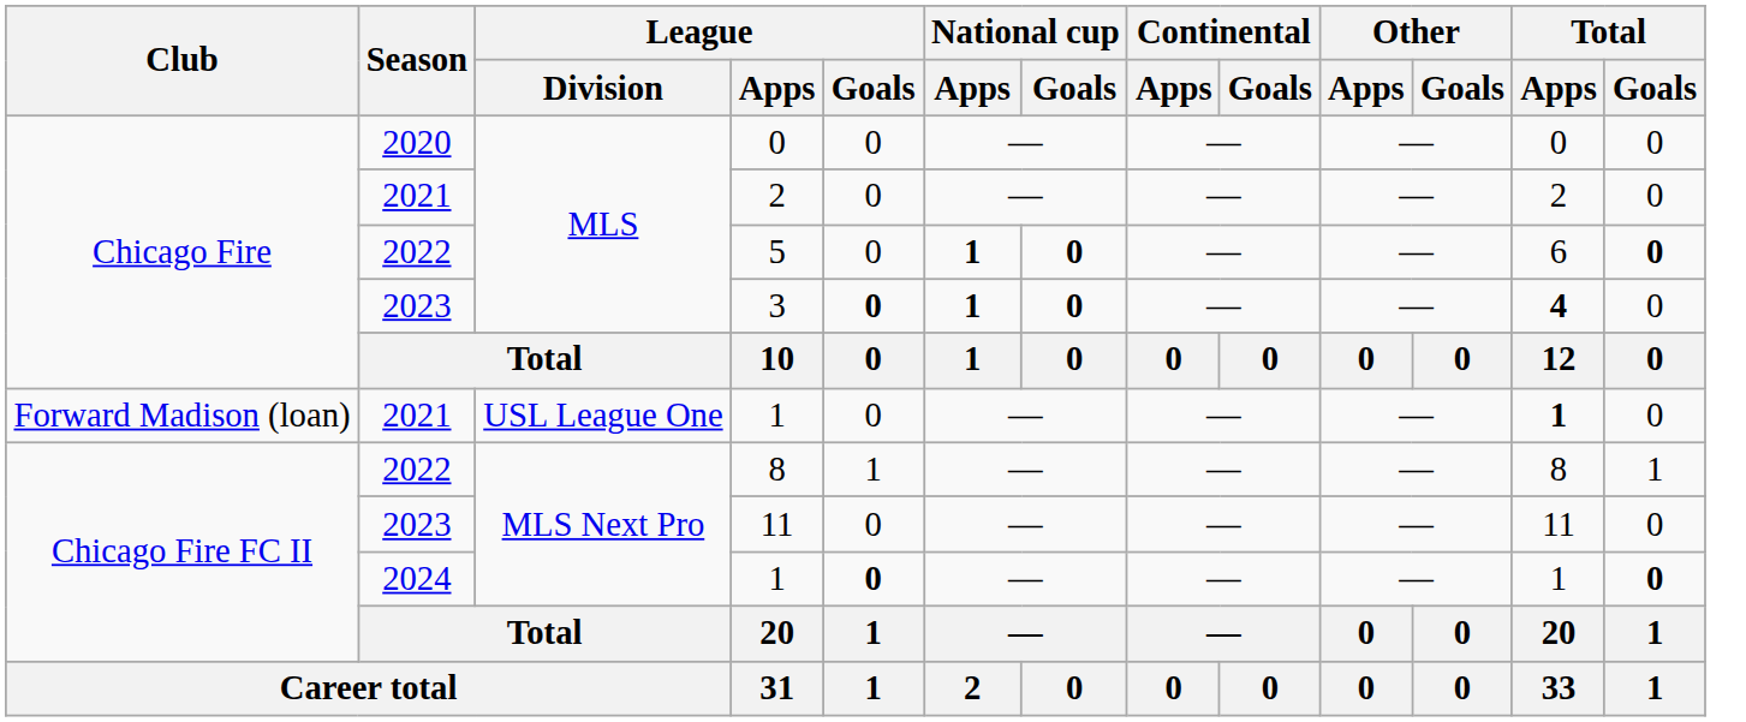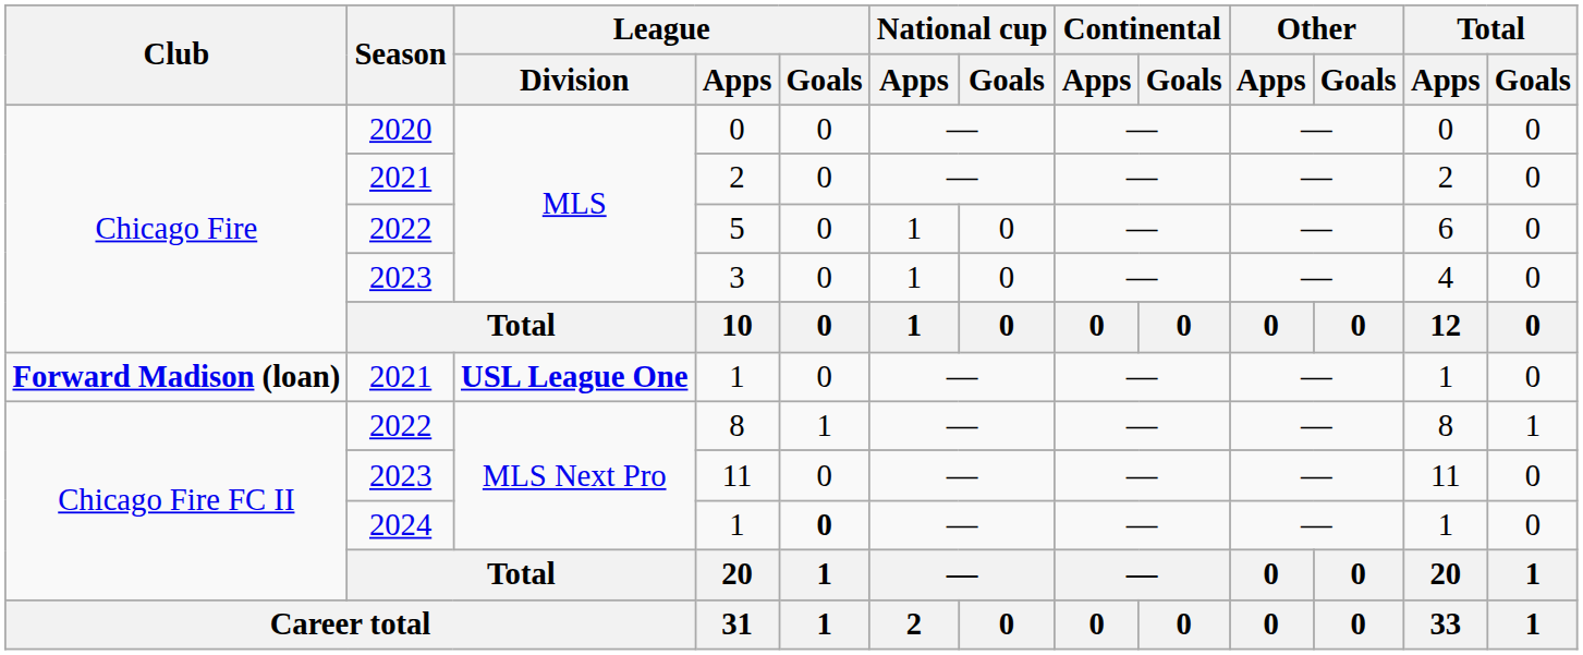 <table class=wikitable style=text-align:center>
 <tr>
 <th rowspan=2>Club</th>
 <th rowspan=2>Season</th>
 <th colspan=3>League</th>
 <th colspan=2>National cup</th>
 <th colspan=2>Continental</th>
 <th colspan=2>Other</th>
 <th colspan=2>Total</th>
 </tr>
 <tr>
 <th>Division</th>
 <th>Apps</th>
 <th>Goals</th>
 <th>Apps</th>
 <th>Goals</th>
 <th>Apps</th>
 <th>Goals</th>
 <th>Apps</th>
 <th>Goals</th>
 <th>Apps</th>
 <th>Goals</th>
 </tr>
 <tr>
 <td rowspan=5><a href='#'>Chicago Fire</a></td>
 <td><a href='#'>2020</a></td>
 <td rowspan="4"><a href='#'>MLS</a></td>
 <td>0</td>
 <td>0</td>
 <td colspan=2>—</td>
 <td colspan=2>—</td>
 <td colspan=2>—</td>
 <td>0</td>
 <td>0</td>
 </tr>
 <tr>
 <td><a href='#'>2021</a></td>
 <td>2</td>
 <td>0</td>
 <td colspan=2>—</td>
 <td colspan=2>—</td>
 <td colspan=2>—</td>
 <td>2</td>
 <td>0</td>
 </tr>
 <tr>
 <td><a href='#'>2022</a></td>
 <td>5</td>
 <td>0</td>
-<td><strong>1</strong></td>
-<td><strong>0</strong></td>
+<td>1</td>
+<td>0</td>
 <td colspan=2>—</td>
 <td colspan=2>—</td>
 <td>6</td>
-<td><strong>0</strong></td>
+<td>0</td>
 </tr>
 <tr>
 <td><a href='#'>2023</a></td>
 <td>3</td>
-<td><strong>0</strong></td>
-<td><strong>1</strong></td>
-<td><strong>0</strong></td>
+<td>0</td>
+<td>1</td>
+<td>0</td>
 <td colspan=2>—</td>
 <td colspan=2>—</td>
-<td><strong>4</strong></td>
+<td>4</td>
 <td>0</td>
 </tr>
 <tr>
 <th colspan=2>Total</th>
 <th>10</th>
 <th>0</th>
 <th>1</th>
 <th>0</th>
 <th>0</th>
 <th>0</th>
 <th>0</th>
 <th>0</th>
 <th>12</th>
 <th>0</th>
 </tr>
 <tr>
-<td><a href='#'>Forward Madison</a> (loan)</td>
+<td><strong><a href='#'>Forward Madison</a> (loan)</strong></td>
 <td><a href='#'>2021</a></td>
-<td><a href='#'>USL League One</a></td>
+<td><strong><a href='#'>USL League One</a></strong></td>
 <td>1</td>
 <td>0</td>
 <td colspan=2>—</td>
 <td colspan=2>—</td>
 <td colspan=2>—</td>
-<td><strong>1</strong></td>
+<td>1</td>
 <td>0</td>
 </tr>
 <tr>
 <td rowspan=4><a href='#'>Chicago Fire FC II</a></td>
 <td><a href='#'>2022</a></td>
 <td rowspan="3"><a href='#'>MLS Next Pro</a></td>
 <td>8</td>
 <td>1</td>
 <td colspan=2>—</td>
 <td colspan=2>—</td>
 <td colspan=2>—</td>
 <td>8</td>
 <td>1</td>
 </tr>
 <tr>
 <td><a href='#'>2023</a></td>
 <td>11</td>
 <td>0</td>
 <td colspan=2>—</td>
 <td colspan=2>—</td>
 <td colspan=2>—</td>
 <td>11</td>
 <td>0</td>
 </tr>
 <tr>
 <td><a href='#'>2024</a></td>
 <td>1</td>
 <td><strong>0</strong></td>
 <td colspan=2>—</td>
 <td colspan=2>—</td>
 <td colspan=2>—</td>
 <td>1</td>
-<td><strong>0</strong></td>
+<td>0</td>
 </tr>
 <tr>
 <th colspan=2>Total</th>
 <th>20</th>
 <th>1</th>
 <th colspan=2>—</th>
 <th colspan=2>—</th>
 <th>0</th>
 <th>0</th>
 <th>20</th>
 <th>1</th>
 </tr>
 <tr>
 <th colspan=3>Career total</th>
 <th>31</th>
 <th>1</th>
 <th>2</th>
 <th>0</th>
 <th>0</th>
 <th>0</th>
 <th>0</th>
 <th>0</th>
 <th>33</th>
 <th>1</th>
 </tr>
 </table>
